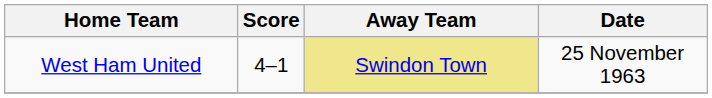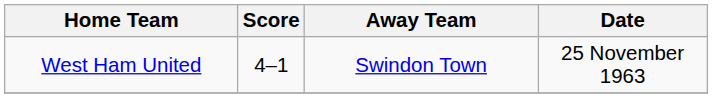 <table class="wikitable" style="text-align:center;">
 <tr>
 <th width=175>Home Team</th>
 <th width=20>Score</th>
 <th width=175>Away Team</th>
 <th width=125>Date</th>
 </tr>
 <tr>
 <td><a href='#'>West Ham United</a></td>
 <td>4–1</td>
-<td style="background: khaki;"><a href='#'>Swindon Town</a></td>
+<td><a href='#'>Swindon Town</a></td>
 <td>25 November 1963</td>
 </tr>
 <tr>
 </tr>
 </table>
